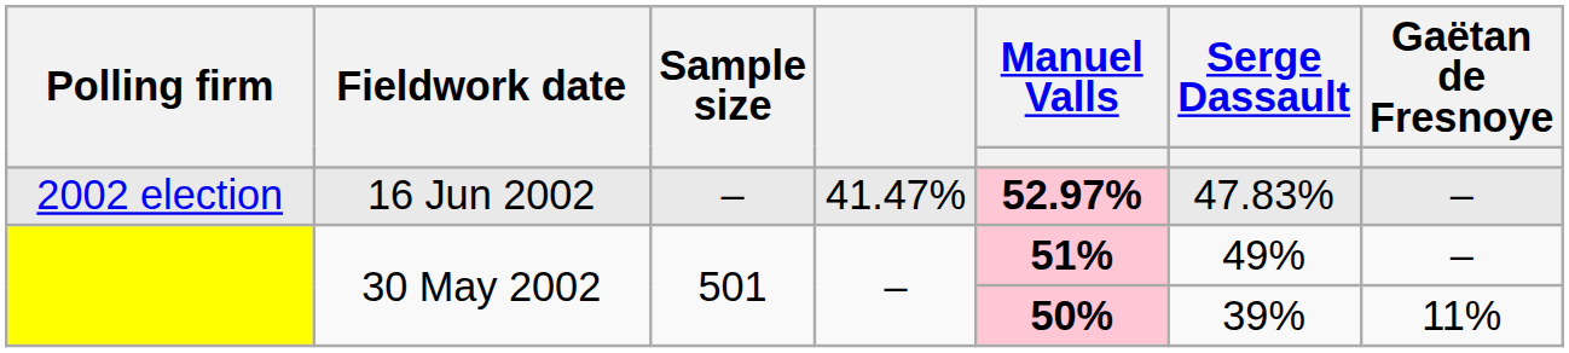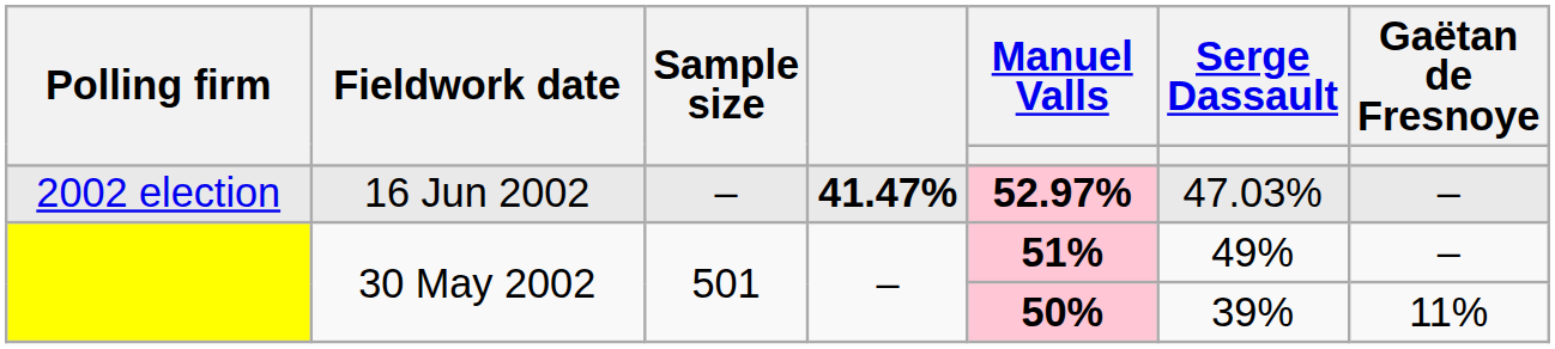 <table class="wikitable sortable" style="text-align:center;font-size:90%;line-height:14px;">
 <tr style="height:40px;">
 <th style="width:100px;" rowspan="2">Polling firm</th>
 <th style="width:110px;" rowspan="2">Fieldwork date</th>
 <th style="width:35px;" rowspan="2">Sample<br>size</th>
 <th style="width:30px;" rowspan="2"></th>
 <th class="unsortable" style="width:60px;"><a href='#'>Manuel Valls</a><br></th>
 <th class="unsortable" style="width:60px;"><a href='#'>Serge Dassault</a><br></th>
 <th class="unsortable" style="width:60px;">Gaëtan de Fresnoye<br></th>
 </tr>
 <tr>
 <th style="background:"></th>
 <th style="background:"></th>
 <th style="background:"></th>
 </tr>
 <tr style="background:#E9E9E9;">
 <td><a href='#'>2002 election</a></td>
 <td data-sort-value="2002-06-16">16 Jun 2002</td>
 <td>–</td>
-<td>41.47%</td>
+<td><strong>41.47%</strong></td>
 <td style="background:#FFC6D5;"><strong>52.97%</strong></td>
-<td>47.83%</td>
+<td>47.03%</td>
 <td>–</td>
 </tr>
 <tr>
 <td rowspan="2" style="background:yellow;"></td>
 <td rowspan="2" data-sort-value="2002-05-30">30 May 2002</td>
 <td rowspan="2">501</td>
 <td rowspan="2">–</td>
 <td style="background:#FFC6D5;"><strong>51%</strong></td>
 <td>49%</td>
 <td>–</td>
 </tr>
 <tr>
 <td style="background:#FFC6D5;"><strong>50%</strong></td>
 <td>39%</td>
 <td>11%</td>
 </tr>
 </table>
